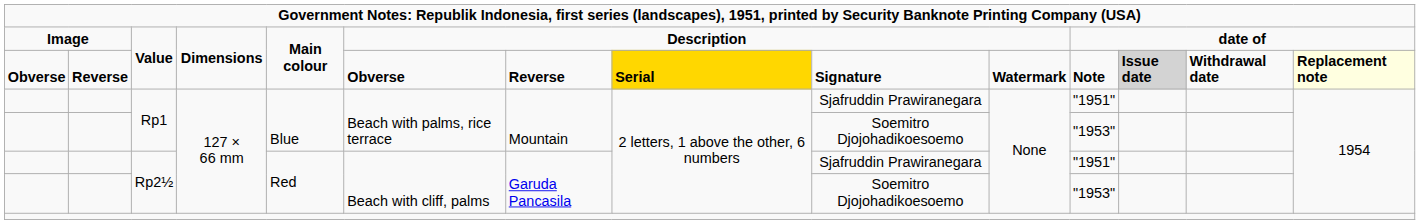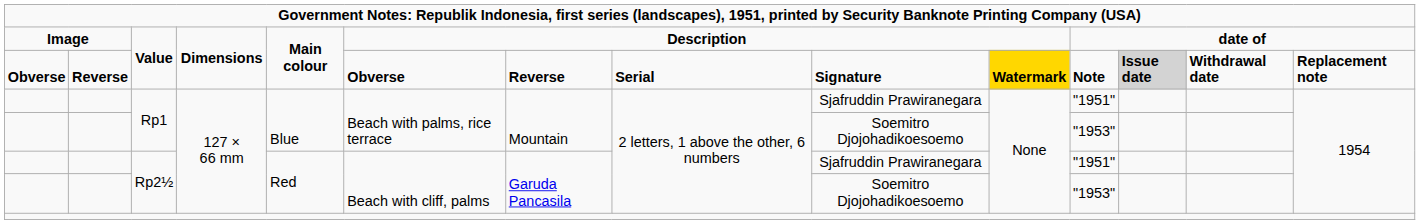 <table class="wikitable" >
 <tr style="text-align:center; font-weight:bold; vertical-align:bottom;">
 <td colspan="14">Government Notes: Republik Indonesia, first series (landscapes), 1951, printed by Security Banknote Printing Company (USA)</td>
 </tr>
 <tr>
 <td colspan="2" style="font-weight:bold; text-align:center; vertical-align:bottom;">Image</td>
 <td rowspan="2" style="font-weight:bold; text-align:center;">Value</td>
 <td rowspan="2" style="font-weight:bold; text-align:center;">Dimensions</td>
 <td rowspan="2" style="font-weight:bold; text-align:center;">Main colour</td>
 <td colspan="5" style="font-weight:bold; text-align:center; vertical-align:bottom;">Description</td>
 <td colspan="4" style="font-weight:bold; text-align:center; vertical-align:bottom;">date of</td>
 </tr>
 <tr style="vertical-align:bottom;">
 <td style="font-weight:bold; ">Obverse</td>
 <td style="font-weight:bold; ">Reverse</td>
 <td style="font-weight:bold; ">Obverse</td>
 <td style="font-weight:bold; ">Reverse</td>
-<td style="background: gold; font-weight:bold; ">Serial</td>
+<td style="font-weight:bold; ">Serial</td>
 <td style="font-weight:bold; ">Signature</td>
-<td style="font-weight:bold; ">Watermark</td>
+<td style="background: gold; font-weight:bold; ">Watermark</td>
 <td style="font-weight:bold; ">Note</td>
 <td style="background: lightgrey; font-weight:bold; ">Issue date</td>
 <td style="font-weight:bold; ">Withdrawal date</td>
-<td style="background: lightyellow; font-weight:bold; ">Replacement note</td>
+<td style="font-weight:bold; ">Replacement note</td>
 </tr>
 <tr>
 <td style="font-weight:bold; vertical-align:bottom;"></td>
 <td style="font-weight:bold; vertical-align:bottom;"></td>
 <td rowspan="2" style="text-align:center;">Rp1</td>
 <td rowspan="4" style="text-align:center;">127 × 66 mm</td>
 <td rowspan="2" style="vertical-align:bottom;">Blue</td>
 <td rowspan="2" style="vertical-align:bottom;">Beach with palms, rice terrace</td>
 <td rowspan="2" style="vertical-align:bottom;">Mountain</td>
 <td rowspan="4" style="text-align:center;">2 letters, 1 above the other, 6 numbers</td>
 <td style="text-align:center;">Sjafruddin Prawiranegara</td>
 <td rowspan="4" style="text-align:center;">None</td>
 <td style="text-align:center;">"1951"</td>
 <td style="text-align:center;"></td>
 <td style="vertical-align:bottom;"></td>
 <td rowspan="4" style="text-align:center;">1954</td>
 </tr>
 <tr>
 <td style="font-weight:bold; vertical-align:bottom;"></td>
 <td style="font-weight:bold; vertical-align:bottom;"></td>
 <td style="text-align:center;">Soemitro Djojohadikoesoemo</td>
 <td style="text-align:center;">"1953"</td>
 <td style="text-align:center;"></td>
 <td style="text-align:center;"></td>
 </tr>
 <tr>
 <td style="font-weight:bold; vertical-align:bottom;"></td>
 <td style="font-weight:bold; vertical-align:bottom;"></td>
 <td rowspan="2" style="text-align:center;">Rp2½</td>
 <td rowspan="2">Red</td>
 <td rowspan="2" style="vertical-align:bottom;">Beach with cliff, palms</td>
 <td rowspan="2" style="vertical-align:bottom;"><a href='#'>Garuda Pancasila</a></td>
 <td style="text-align:center;">Sjafruddin Prawiranegara</td>
 <td style="text-align:center;">"1951"</td>
 <td style="text-align:center;"></td>
 <td style="text-align:center;"></td>
 </tr>
 <tr>
 <td style="font-weight:bold; vertical-align:bottom;"></td>
 <td style="font-weight:bold; vertical-align:bottom;"></td>
 <td style="text-align:center;">Soemitro Djojohadikoesoemo</td>
 <td style="text-align:center;">"1953"</td>
 <td style="text-align:center;"></td>
 <td style="vertical-align:bottom;"></td>
 </tr>
 <tr>
 <td colspan="14" style="text-align:center; vertical-align:bottom;"></td>
 </tr>
 </table>
